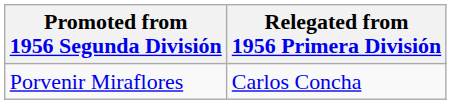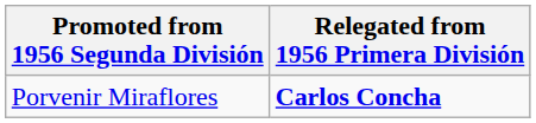 <table class="wikitable">
 <tr>
 <th>Promoted from<br><a href='#'>1956 Segunda División</a></th>
 <th>Relegated from<br><a href='#'>1956 Primera División</a></th>
 </tr>
 <tr>
 <td> <a href='#'>Porvenir Miraflores</a> </td>
-<td> <a href='#'>Carlos Concha</a> </td>
+<td><strong> <a href='#'>Carlos Concha</a> </strong></td>
 </tr>
 </table>
